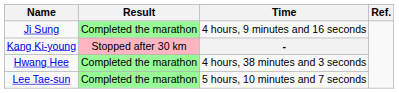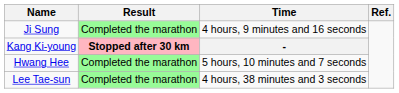 <table class="wikitable" style="text-align:center">
 <tr>
 <th>Name</th>
 <th>Result</th>
 <th>Time</th>
 <th>Ref.</th>
 </tr>
 <tr>
 <td><a href='#'>Ji Sung</a></td>
 <td bgcolor=palegreen>Completed the marathon</td>
 <td>4 hours, 9 minutes and 16 seconds</td>
 <td rowspan=4><br></td>
 </tr>
 <tr>
 <td><a href='#'>Kang Ki-young</a></td>
-<td bgcolor=lightpink>Stopped after 30 km</td>
+<td bgcolor=lightpink><strong>Stopped after 30 km</strong></td>
 <th>-</th>
 </tr>
 <tr>
 <td><a href='#'>Hwang Hee</a></td>
 <td bgcolor=palegreen>Completed the marathon</td>
-<td>4 hours, 38 minutes and 3 seconds</td>
+<td>5 hours, 10 minutes and 7 seconds</td>
 </tr>
 <tr>
 <td><a href='#'>Lee Tae-sun</a></td>
 <td bgcolor=palegreen>Completed the marathon</td>
-<td>5 hours, 10 minutes and 7 seconds</td>
+<td>4 hours, 38 minutes and 3 seconds</td>
 </tr>
 </table>
